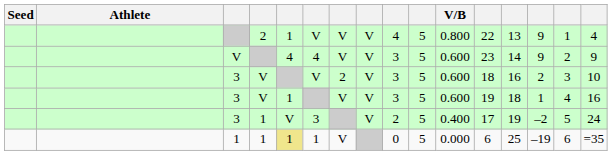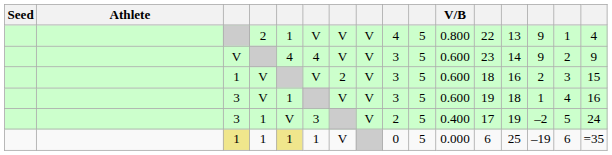 <table class="wikitable" style="text-align:center">
 <tr>
 <th width="25">Seed</th>
 <th width="220">Athlete</th>
 <th width="25"></th>
 <th width="25"></th>
 <th width="25"></th>
 <th width="25"></th>
 <th width="25"></th>
 <th width="25"></th>
 <th width="25"></th>
 <th width="25"></th>
 <th width="40">V/B</th>
 <th width="25"></th>
 <th width="25"></th>
 <th width="25"></th>
 <th width="25"></th>
 <th width="25"></th>
 </tr>
 <tr bgcolor=ccffcc>
 <td></td>
 <td align=left></td>
 <td bgcolor="#cccccc"></td>
 <td>2</td>
 <td>1</td>
 <td>V</td>
 <td>V</td>
 <td>V</td>
 <td>4</td>
 <td>5</td>
 <td>0.800</td>
 <td>22</td>
 <td>13</td>
 <td>9</td>
 <td>1</td>
 <td>4</td>
 </tr>
 <tr bgcolor=ccffcc>
 <td></td>
 <td align=left></td>
 <td>V</td>
 <td bgcolor="#cccccc"></td>
 <td>4</td>
 <td>4</td>
 <td>V</td>
 <td>V</td>
 <td>3</td>
 <td>5</td>
 <td>0.600</td>
 <td>23</td>
 <td>14</td>
 <td>9</td>
 <td>2</td>
 <td>9</td>
 </tr>
 <tr bgcolor=ccffcc>
 <td></td>
 <td align=left></td>
-<td>3</td>
+<td>1</td>
 <td>V</td>
 <td bgcolor="#cccccc"></td>
 <td>V</td>
 <td>2</td>
 <td>V</td>
 <td>3</td>
 <td>5</td>
 <td>0.600</td>
 <td>18</td>
 <td>16</td>
 <td>2</td>
 <td>3</td>
-<td>10</td>
+<td>15</td>
 </tr>
 <tr bgcolor=ccffcc>
 <td></td>
 <td align=left></td>
 <td>3</td>
 <td>V</td>
 <td>1</td>
 <td bgcolor="#cccccc"></td>
 <td>V</td>
 <td>V</td>
 <td>3</td>
 <td>5</td>
 <td>0.600</td>
 <td>19</td>
 <td>18</td>
 <td>1</td>
 <td>4</td>
 <td>16</td>
 </tr>
 <tr bgcolor=ccffcc>
 <td></td>
 <td align=left></td>
 <td>3</td>
 <td>1</td>
 <td>V</td>
 <td>3</td>
 <td bgcolor="#cccccc"></td>
 <td>V</td>
 <td>2</td>
 <td>5</td>
 <td>0.400</td>
 <td>17</td>
 <td>19</td>
 <td>–2</td>
 <td>5</td>
 <td>24</td>
 </tr>
 <tr>
 <td></td>
 <td align=left></td>
-<td>1</td>
+<td style="background: khaki;">1</td>
 <td>1</td>
 <td style="background: khaki;">1</td>
 <td>1</td>
 <td>V</td>
 <td bgcolor="#cccccc"></td>
 <td>0</td>
 <td>5</td>
 <td>0.000</td>
 <td>6</td>
 <td>25</td>
 <td>–19</td>
 <td>6</td>
 <td>=35</td>
 </tr>
 </table>
